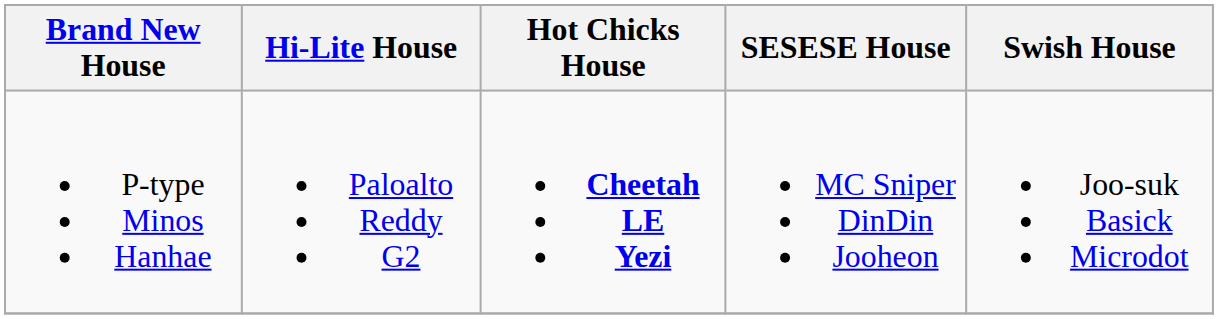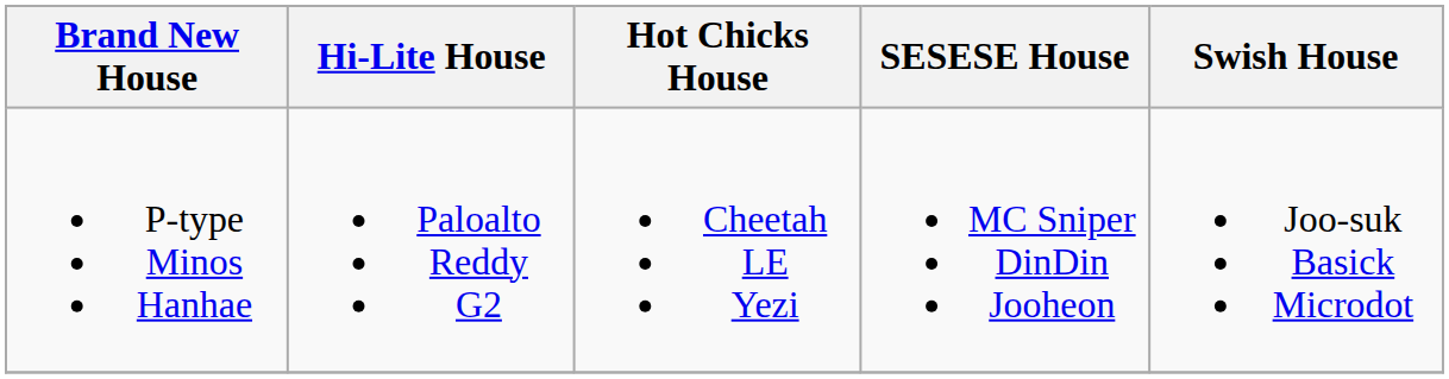 <table class="wikitable" style="text-align: center;">
 <tr>
 <th style="width: 100pt;"><a href='#'>Brand New</a> House</th>
 <th style="width: 100pt;"><a href='#'>Hi-Lite</a> House</th>
 <th style="width: 100pt;">Hot Chicks House</th>
 <th style="width: 100pt;">SESESE House</th>
 <th style="width: 100pt;">Swish House</th>
 </tr>
 <tr>
 <td><br><ul><li>P-type</li><li><a href='#'>Minos</a></li><li><a href='#'>Hanhae</a></li></ul></td>
 <td><br><ul><li><a href='#'>Paloalto</a></li><li><a href='#'>Reddy</a></li><li><a href='#'>G2</a></li></ul></td>
-<td><strong><br><ul><li><a href='#'>Cheetah</a></li><li><a href='#'>LE</a></li><li><a href='#'>Yezi</a></li></ul></strong></td>
+<td><br><ul><li><a href='#'>Cheetah</a></li><li><a href='#'>LE</a></li><li><a href='#'>Yezi</a></li></ul></td>
 <td><br><ul><li><a href='#'>MC Sniper</a></li><li><a href='#'>DinDin</a></li><li><a href='#'>Jooheon</a></li></ul></td>
 <td><br><ul><li>Joo-suk</li><li><a href='#'>Basick</a></li><li><a href='#'>Microdot</a></li></ul></td>
 </tr>
 <tr>
 </tr>
 </table>
